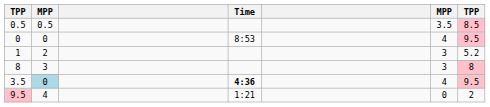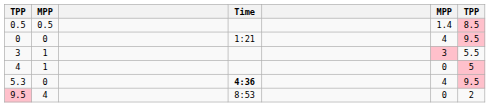 <table class="wikitable" style="text-align: center;" |>
 <tr>
 <th width="35">TPP</th>
 <th width="35">MPP</th>
 <th width="250"></th>
 <th width="45">Time</th>
 <th width="250"></th>
 <th width="35">MPP</th>
 <th width="35">TPP</th>
 </tr>
 <tr>
 <td>0.5</td>
 <td>0.5</td>
 <td style="text-align:left;"><strong></strong></td>
 <td></td>
 <td style="text-align:left;"></td>
-<td>3.5</td>
+<td>1.4</td>
 <td bgcolor=pink>8.5</td>
 </tr>
 <tr>
 <td>0</td>
 <td>0</td>
 <td style="text-align:left;"><strong></strong></td>
-<td>8:53</td>
+<td>1:21</td>
 <td style="text-align:left;"></td>
 <td>4</td>
 <td bgcolor=pink>9.5</td>
 </tr>
 <tr>
+<td>3</td>
 <td>1</td>
-<td>2</td>
 <td style="text-align:left;"><strong></strong></td>
 <td></td>
 <td style="text-align:left;"></td>
-<td>3</td>
-<td>5.2</td>
+<td style="background: pink;">3</td>
+<td>5.5</td>
 </tr>
 <tr>
-<td>8</td>
-<td>3</td>
+<td>4</td>
+<td>1</td>
 <td style="text-align:left;"><strong></strong></td>
 <td></td>
 <td style="text-align:left;"></td>
-<td>3</td>
-<td bgcolor=pink>8</td>
+<td>0</td>
+<td bgcolor=pink>5</td>
 </tr>
 <tr>
-<td>3.5</td>
-<td style="background: lightblue;">0</td>
+<td>5.3</td>
+<td>0</td>
 <td style="text-align:left;"><strong></strong></td>
 <td><strong>4:36</strong></td>
 <td style="text-align:left;"></td>
 <td>4</td>
 <td bgcolor=pink>9.5</td>
 </tr>
 <tr>
 <td bgcolor=pink>9.5</td>
 <td>4</td>
 <td style="text-align:left;"></td>
-<td>1:21</td>
+<td>8:53</td>
 <td style="text-align:left;"><strong></strong></td>
 <td>0</td>
 <td>2</td>
 </tr>
 </table>
